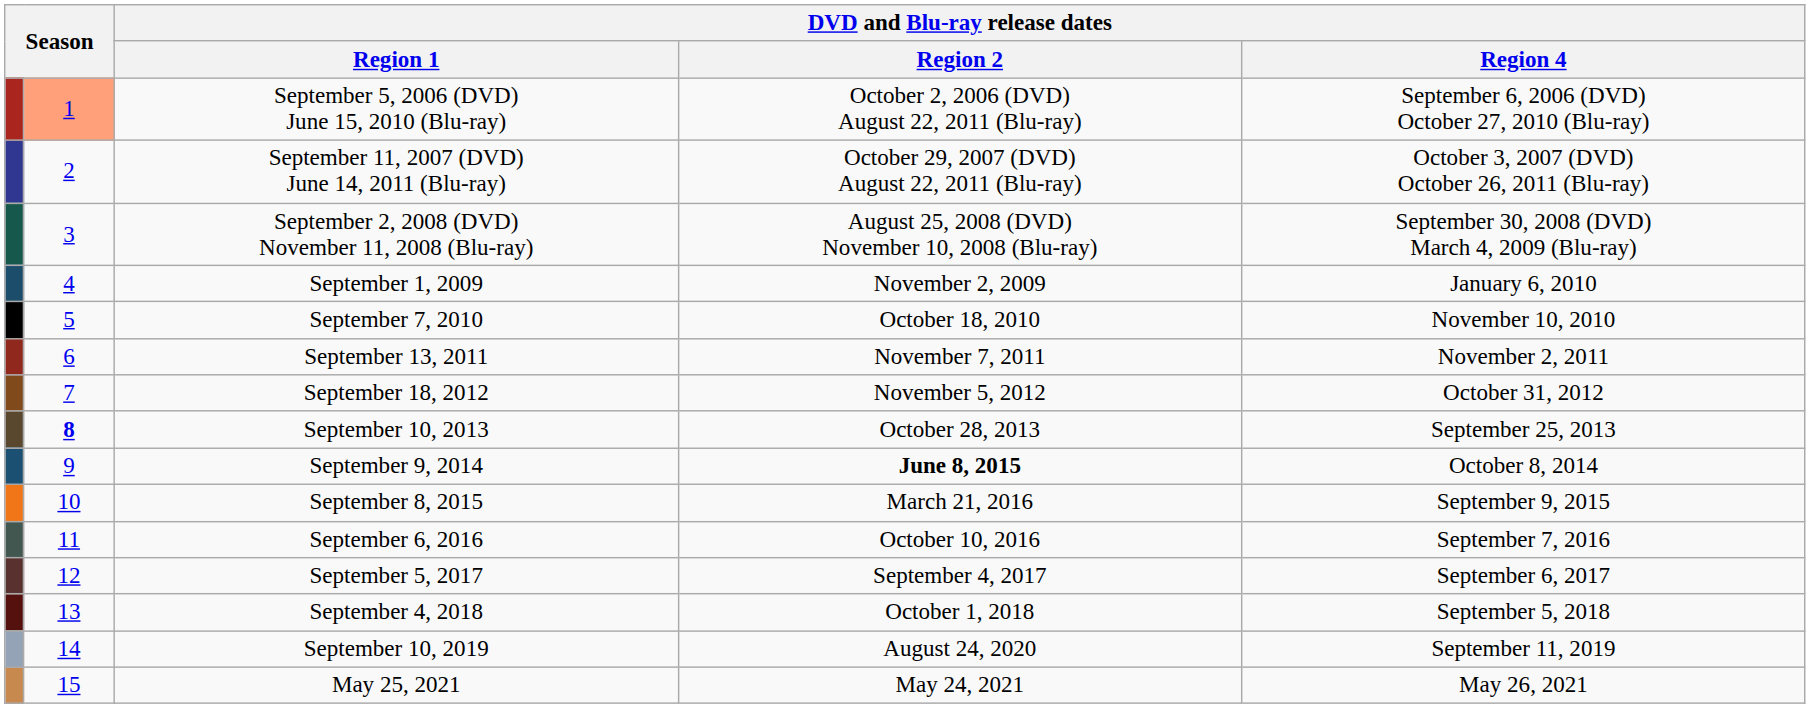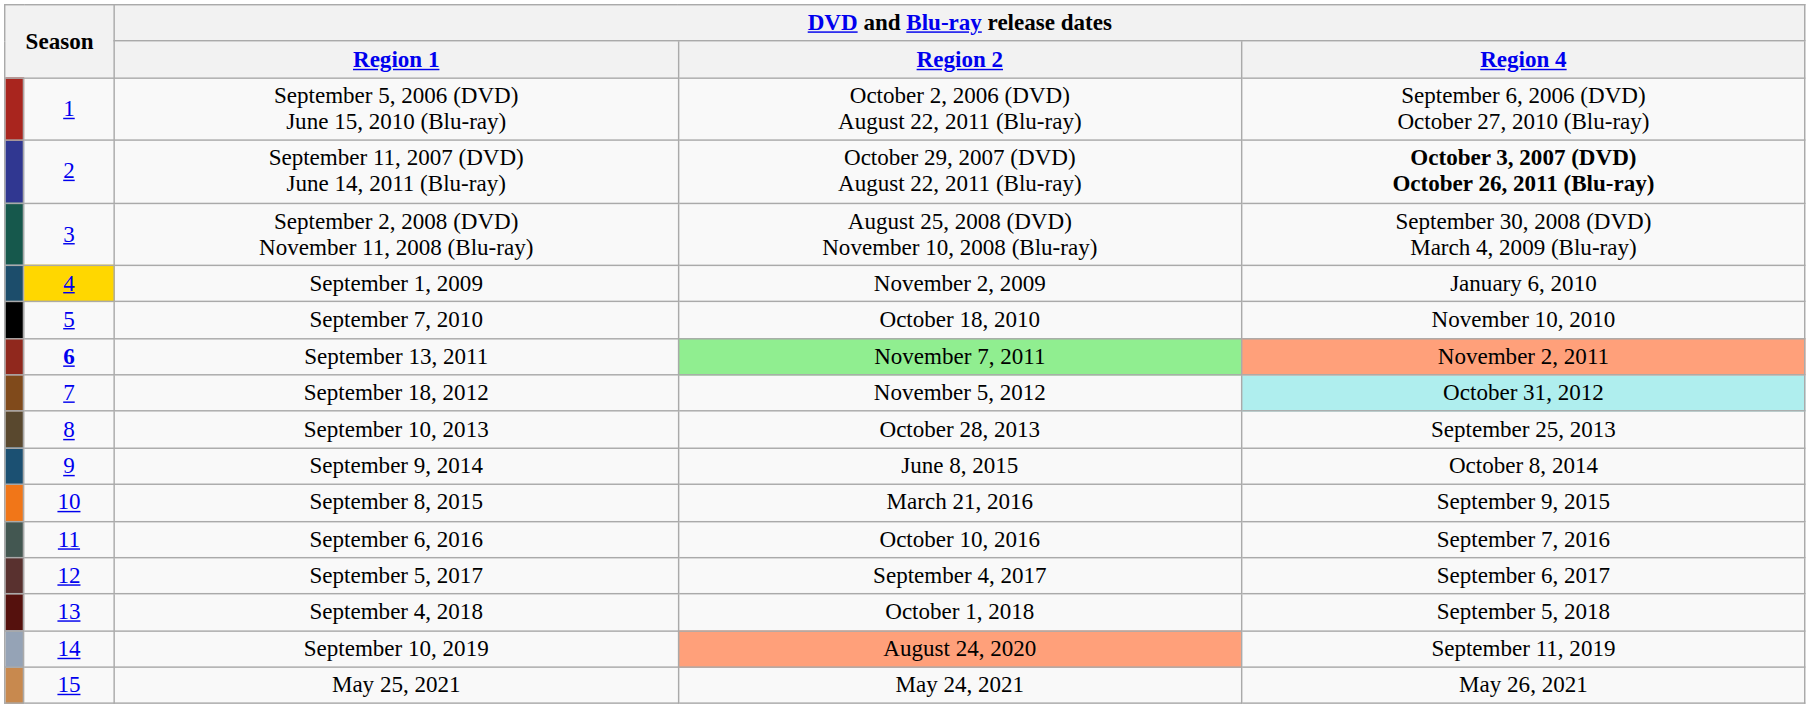 <table class="wikitable" style="text-align: center; width:99%">
 <tr>
 <th style="padding: 0 8px; width:6%" colspan="2" rowspan="2">Season</th>
 <th colspan="3"><a href='#'>DVD</a> and <a href='#'>Blu-ray</a> release dates</th>
 </tr>
 <tr>
 <th style="width:31%"><a href='#'>Region 1</a></th>
 <th style="width:31%"><a href='#'>Region 2</a></th>
 <th style="width:31%"><a href='#'>Region 4</a></th>
 </tr>
 <tr>
 <td style="background:#A9251E;width:1%"></td>
-<td style="background: lightsalmon;"><a href='#'>1</a></td>
+<td><a href='#'>1</a></td>
 <td>September 5, 2006 (DVD)<br>June 15, 2010 (Blu-ray)</td>
 <td>October 2, 2006 (DVD)<br>August 22, 2011 (Blu-ray)</td>
 <td>September 6, 2006 (DVD)<br>October 27, 2010 (Blu-ray)</td>
 </tr>
 <tr>
 <td style="background:#303791;"></td>
 <td><a href='#'>2</a></td>
 <td>September 11, 2007 (DVD)<br>June 14, 2011 (Blu-ray)</td>
 <td>October 29, 2007 (DVD)<br>August 22, 2011 (Blu-ray)</td>
-<td>October 3, 2007 (DVD)<br>October 26, 2011 (Blu-ray)</td>
+<td><strong>October 3, 2007 (DVD)<br>October 26, 2011 (Blu-ray)</strong></td>
 </tr>
 <tr>
 <td style="background:#16584C;"></td>
 <td><a href='#'>3</a></td>
 <td>September 2, 2008 (DVD)<br>November 11, 2008 (Blu-ray)</td>
 <td>August 25, 2008 (DVD)<br>November 10, 2008 (Blu-ray)</td>
 <td>September 30, 2008 (DVD)<br>March 4, 2009 (Blu-ray)</td>
 </tr>
 <tr>
 <td style="background:#1C4D6B;"></td>
-<td><a href='#'>4</a></td>
+<td style="background: gold;"><a href='#'>4</a></td>
 <td>September 1, 2009</td>
 <td>November 2, 2009</td>
 <td>January 6, 2010</td>
 </tr>
 <tr>
 <td style="background:#000;"></td>
 <td><a href='#'>5</a></td>
 <td>September 7, 2010</td>
 <td>October 18, 2010</td>
 <td>November 10, 2010</td>
 </tr>
 <tr>
 <td style="background:#90281D;"></td>
-<td><a href='#'>6</a></td>
+<td><strong><a href='#'>6</a></strong></td>
 <td>September 13, 2011</td>
-<td>November 7, 2011</td>
-<td>November 2, 2011</td>
+<td style="background: lightgreen;">November 7, 2011</td>
+<td style="background: lightsalmon;">November 2, 2011</td>
 </tr>
 <tr>
 <td style="background:#804A1B;"></td>
 <td><a href='#'>7</a></td>
 <td>September 18, 2012</td>
 <td>November 5, 2012</td>
-<td>October 31, 2012</td>
+<td style="background: paleturquoise;">October 31, 2012</td>
 </tr>
 <tr>
 <td style="background:#59482e;"></td>
-<td><strong><a href='#'>8</a></strong></td>
+<td><a href='#'>8</a></td>
 <td>September 10, 2013</td>
 <td>October 28, 2013</td>
 <td>September 25, 2013</td>
 </tr>
 <tr>
 <td style="background:#1B5072;"></td>
 <td><a href='#'>9</a></td>
 <td>September 9, 2014</td>
-<td><strong>June 8, 2015</strong></td>
+<td>June 8, 2015</td>
 <td>October 8, 2014</td>
 </tr>
 <tr>
 <td style="background:#f17618;"></td>
 <td><a href='#'>10</a></td>
 <td>September 8, 2015</td>
 <td>March 21, 2016</td>
 <td>September 9, 2015</td>
 </tr>
 <tr>
 <td style="background:#435751;"></td>
 <td><a href='#'>11</a></td>
 <td>September 6, 2016</td>
 <td>October 10, 2016</td>
 <td>September 7, 2016</td>
 </tr>
 <tr>
 <td style="background:#59312F;"></td>
 <td><a href='#'>12</a></td>
 <td>September 5, 2017</td>
 <td>September 4, 2017</td>
 <td>September 6, 2017</td>
 </tr>
 <tr>
 <td style="background:#55110D;"></td>
 <td><a href='#'>13</a></td>
 <td>September 4, 2018</td>
 <td>October 1, 2018</td>
 <td>September 5, 2018</td>
 </tr>
 <tr>
 <td style="background:#95A3B6;"></td>
 <td><a href='#'>14</a></td>
 <td>September 10, 2019</td>
-<td>August 24, 2020</td>
+<td style="background: lightsalmon;">August 24, 2020</td>
 <td>September 11, 2019</td>
 </tr>
 <tr>
 <td style="background:#C8894E;"></td>
 <td><a href='#'>15</a></td>
 <td>May 25, 2021</td>
 <td>May 24, 2021</td>
 <td>May 26, 2021</td>
 </tr>
 </table>
